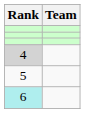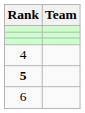 <table class=wikitable style="text-align:center;">
 <tr>
 <th>Rank</th>
 <th>Team</th>
 </tr>
 <tr bgcolor=ccffcc>
 <td></td>
 <td align=left></td>
 </tr>
 <tr bgcolor=ccffcc>
 <td></td>
 <td align=left></td>
 </tr>
 <tr bgcolor=ccffcc>
 <td></td>
 <td align=left></td>
 </tr>
 <tr>
-<td style="background: lightgrey;">4</td>
+<td>4</td>
 <td align=left></td>
 </tr>
 <tr>
-<td>5</td>
+<td><strong>5</strong></td>
 <td align=left></td>
 </tr>
 <tr>
-<td style="background: paleturquoise;">6</td>
+<td>6</td>
 <td align=left></td>
 </tr>
 </table>
